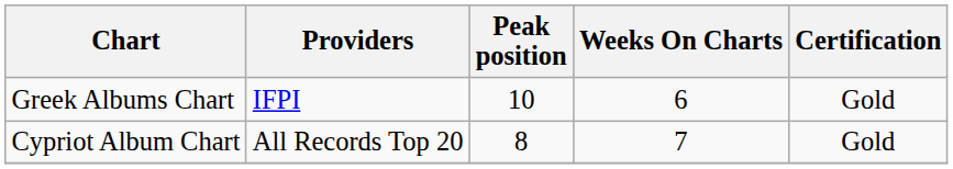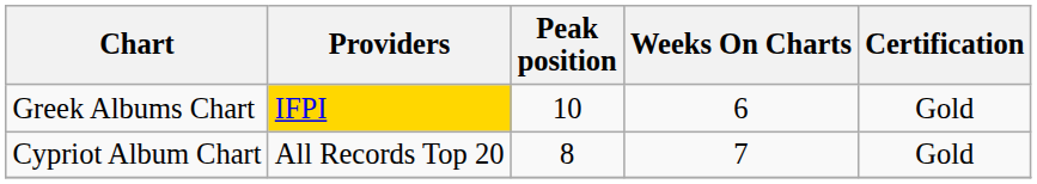 <table class="wikitable">
 <tr>
 <th align="left">Chart</th>
 <th align="left">Providers</th>
 <th align="left">Peak<br>position</th>
 <th align="left">Weeks On Charts</th>
 <th align="left">Certification</th>
 </tr>
 <tr>
 <td align="left">Greek Albums Chart</td>
-<td align="left"><a href='#'>IFPI</a></td>
+<td align="left" style="background: gold;"><a href='#'>IFPI</a></td>
 <td align="center">10</td>
 <td align="center">6</td>
 <td align="center">Gold</td>
 </tr>
 <tr>
 <td align="left">Cypriot Album Chart</td>
 <td align="left">All Records Top 20</td>
 <td align="center">8</td>
 <td align="center">7</td>
 <td align="center">Gold</td>
 </tr>
 <tr>
 </tr>
 </table>
